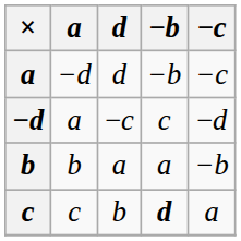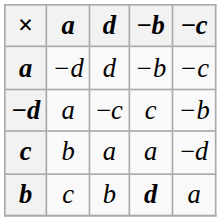 <table class="wikitable" style="text-align:center">
 <tr>
 <th width=15>×</th>
 <th width=15><em>a</em></th>
 <th width=15><em>d</em></th>
 <th width=15>−<em>b</em></th>
 <th width=15>−<em>c</em></th>
 </tr>
 <tr>
 <th><em>a</em></th>
 <td><em>−d</em></td>
 <td><em>d</em></td>
 <td><em>−b</em></td>
 <td><em>−c</em></td>
 </tr>
 <tr>
 <th><em>−d</em></th>
 <td><em>a</em></td>
 <td>−<em>c</em></td>
 <td><em>c</em></td>
+<td><em>−b</em></td>
+</tr>
+<tr>
+<th><em>c</em></th>
+<td><em>b</em></td>
+<td><em>a</em></td>
+<td><em>a</em></td>
 <td>−<em>d</em></td>
 </tr>
 <tr>
 <th><em>b</em></th>
-<td><em>b</em></td>
-<td><em>a</em></td>
-<td><em>a</em></td>
-<td><em>−b</em></td>
-</tr>
-<tr>
-<th><em>c</em></th>
 <td><em>c</em></td>
 <td><em>b</em></td>
 <td><strong><em>d</em></strong></td>
 <td><em>a</em></td>
 </tr>
 <tr>
 </tr>
 </table>
